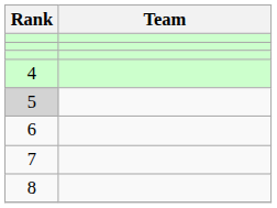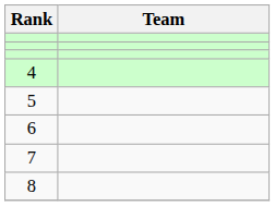 <table class="wikitable" style="text-align: center;">
 <tr>
 <th width=40>Rank</th>
 <th width=180>Team</th>
 </tr>
 <tr bgcolor=#ccffcc>
 <td></td>
 <td style="text-align:left;"></td>
 </tr>
 <tr bgcolor=#ccffcc>
 <td></td>
 <td style="text-align:left;"></td>
 </tr>
 <tr bgcolor=#ccffcc>
 <td></td>
 <td style="text-align:left;"></td>
 </tr>
 <tr bgcolor=#ccffcc>
 <td>4</td>
 <td style="text-align:left;"></td>
 </tr>
 <tr>
-<td style="background: lightgrey;">5</td>
+<td>5</td>
 <td style="text-align:left;"></td>
 </tr>
 <tr>
 <td>6</td>
 <td style="text-align:left;"></td>
 </tr>
 <tr>
 <td>7</td>
 <td style="text-align:left;"></td>
 </tr>
 <tr>
 <td>8</td>
 <td style="text-align:left;"></td>
 </tr>
 <tr align=center>
 </tr>
 </table>
